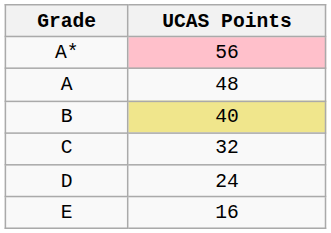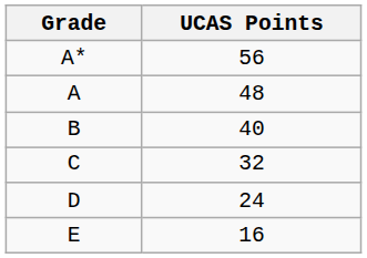 <table class="wikitable" border="1" style="text-align:center; margin-left:1em;">
 <tr>
 <th width="75">Grade</th>
 <th width="125">UCAS Points</th>
 </tr>
 <tr>
 <td align="center">A*</td>
-<td style="background: pink;">56</td>
+<td>56</td>
 </tr>
 <tr>
 <td align="center">A</td>
 <td>48</td>
 </tr>
 <tr>
 <td align="center">B</td>
-<td style="background: khaki;">40</td>
+<td>40</td>
 </tr>
 <tr>
 <td align="center">C</td>
 <td>32</td>
 </tr>
 <tr>
 <td align="center">D</td>
 <td>24</td>
 </tr>
 <tr>
 <td align="center">E</td>
 <td>16</td>
 </tr>
 </table>
